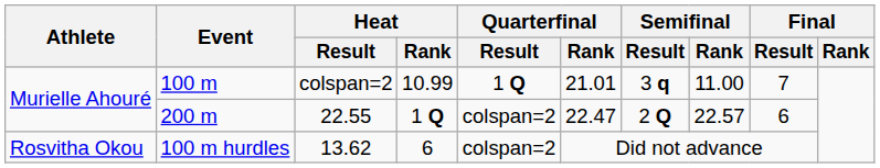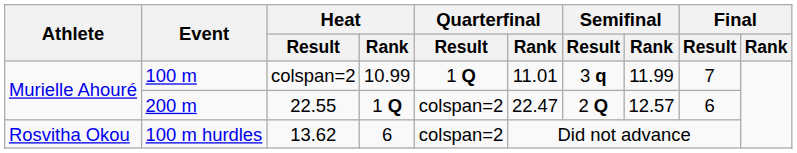 <table class="wikitable" style="font-size:90%">
 <tr>
 <th rowspan="2">Athlete</th>
 <th rowspan="2">Event</th>
 <th colspan="2">Heat</th>
 <th colspan="2">Quarterfinal</th>
 <th colspan="2">Semifinal</th>
 <th colspan="2">Final</th>
 </tr>
 <tr style="font-size:95%">
 <th>Result</th>
 <th>Rank</th>
 <th>Result</th>
 <th>Rank</th>
 <th>Result</th>
 <th>Rank</th>
 <th>Result</th>
 <th>Rank</th>
 </tr>
 <tr align=center>
 <td align=left rowspan=2><a href='#'>Murielle Ahouré</a></td>
 <td align=left><a href='#'>100 m</a></td>
 <td>colspan=2 </td>
 <td>10.99</td>
 <td>1 <strong>Q</strong></td>
-<td>21.01</td>
+<td>11.01</td>
 <td>3 <strong>q</strong></td>
-<td>11.00</td>
+<td>11.99</td>
 <td>7</td>
 </tr>
 <tr align=center>
 <td align=left><a href='#'>200 m</a></td>
 <td>22.55</td>
 <td>1 <strong>Q</strong></td>
 <td>colspan=2 </td>
 <td>22.47</td>
 <td>2 <strong>Q</strong></td>
-<td>22.57</td>
+<td>12.57</td>
 <td>6</td>
 </tr>
 <tr align=center>
 <td align=left><a href='#'>Rosvitha Okou</a></td>
 <td align=left><a href='#'>100 m hurdles</a></td>
 <td>13.62</td>
 <td>6</td>
 <td>colspan=2 </td>
 <td colspan=4>Did not advance</td>
 </tr>
 </table>
